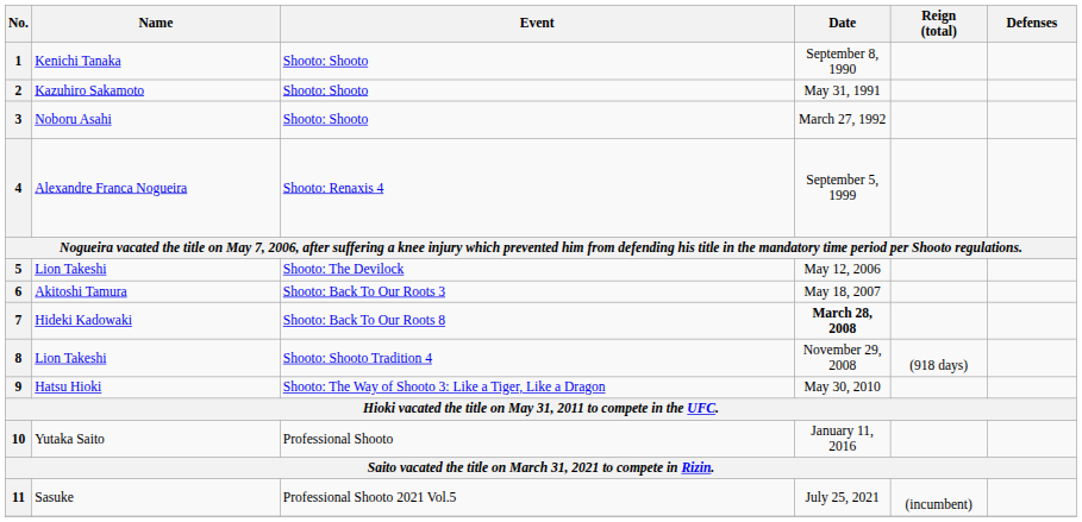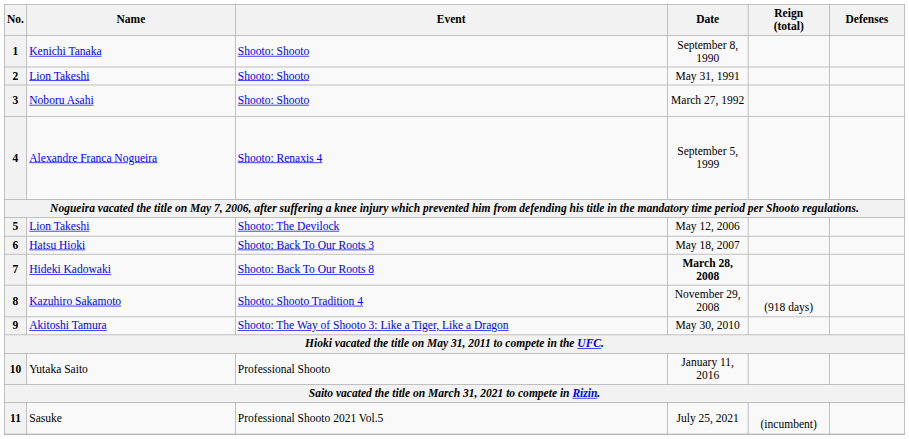 <table class="wikitable" style="width:99%;">
 <tr>
 <th style="width:2%;">No.</th>
 <th>Name</th>
 <th>Event</th>
 <th style="width:9%;">Date</th>
 <th style="width:9%;">Reign<br>(total)</th>
 <th>Defenses</th>
 </tr>
 <tr>
 <th>1</th>
 <td> <a href='#'>Kenichi Tanaka</a><br></td>
 <td><a href='#'>Shooto: Shooto</a><br></td>
 <td align=center>September 8, 1990</td>
 <td align=center></td>
 <td></td>
 </tr>
 <tr>
 <th>2</th>
-<td> <a href='#'>Kazuhiro Sakamoto</a></td>
+<td> <a href='#'>Lion Takeshi</a> </td>
 <td><a href='#'>Shooto: Shooto</a><br></td>
 <td align=center>May 31, 1991</td>
 <td align=center></td>
 <td></td>
 </tr>
 <tr>
 <th>3</th>
 <td> <a href='#'>Noboru Asahi</a></td>
 <td><a href='#'>Shooto: Shooto</a><br></td>
 <td align=center>March 27, 1992</td>
 <td align=center></td>
 <td><br><br> </td>
 </tr>
 <tr>
 <th>4</th>
 <td> <a href='#'>Alexandre Franca Nogueira</a></td>
 <td><a href='#'>Shooto: Renaxis 4</a><br></td>
 <td align=center>September 5, 1999</td>
 <td align=center></td>
 <td><br><br> <br> <br> <br> <br> </td>
 </tr>
 <tr>
 <th colspan=6 align=center><em>Nogueira vacated the title on May 7, 2006, after suffering a knee injury which prevented him from defending his title in the mandatory time period per Shooto regulations.</em></th>
 </tr>
 <tr>
 <th>5</th>
 <td> <a href='#'>Lion Takeshi</a><br></td>
 <td><a href='#'>Shooto: The Devilock</a><br></td>
 <td align=center>May 12, 2006</td>
 <td align=center></td>
 <td></td>
 </tr>
 <tr>
 <th>6</th>
-<td> <a href='#'>Akitoshi Tamura</a></td>
+<td> <a href='#'>Hatsu Hioki</a></td>
 <td><a href='#'>Shooto: Back To Our Roots 3</a><br></td>
 <td align=center>May 18, 2007</td>
 <td align=center></td>
 <td></td>
 </tr>
 <tr>
 <th>7</th>
 <td> <a href='#'>Hideki Kadowaki</a></td>
 <td><a href='#'>Shooto: Back To Our Roots 8</a><br></td>
 <td align=center><strong>March 28, 2008</strong></td>
 <td align=center></td>
 <td></td>
 </tr>
 <tr>
 <th>8</th>
-<td> <a href='#'>Lion Takeshi</a> </td>
+<td> <a href='#'>Kazuhiro Sakamoto</a></td>
 <td><a href='#'>Shooto: Shooto Tradition 4</a><br></td>
 <td align=center>November 29, 2008</td>
 <td align=center><br>(918 days)</td>
 <td></td>
 </tr>
 <tr>
 <th>9</th>
-<td> <a href='#'>Hatsu Hioki</a></td>
+<td> <a href='#'>Akitoshi Tamura</a></td>
 <td><a href='#'>Shooto: The Way of Shooto 3: Like a Tiger, Like a Dragon</a><br></td>
 <td align=center>May 30, 2010</td>
 <td align=center></td>
 <td></td>
 </tr>
 <tr>
 <th colspan=6 align=center><em>Hioki vacated the title on May 31, 2011 to compete in the <a href='#'>UFC</a>.</em></th>
 </tr>
 <tr>
 <th>10</th>
 <td> Yutaka Saito<br></td>
 <td>Professional Shooto<br></td>
 <td align=center>January 11, 2016</td>
 <td align=center></td>
 <td></td>
 </tr>
 <tr>
 <th colspan=6 align=center><em>Saito vacated the title on March 31, 2021 to compete in <a href='#'>Rizin</a>.</em></th>
 </tr>
 <tr>
 <th>11</th>
 <td> Sasuke<br></td>
 <td>Professional Shooto 2021 Vol.5<br></td>
 <td align=center>July 25, 2021</td>
 <td align=center><br>(incumbent)</td>
 <td><br></td>
 </tr>
 <tr>
 </tr>
 </table>
